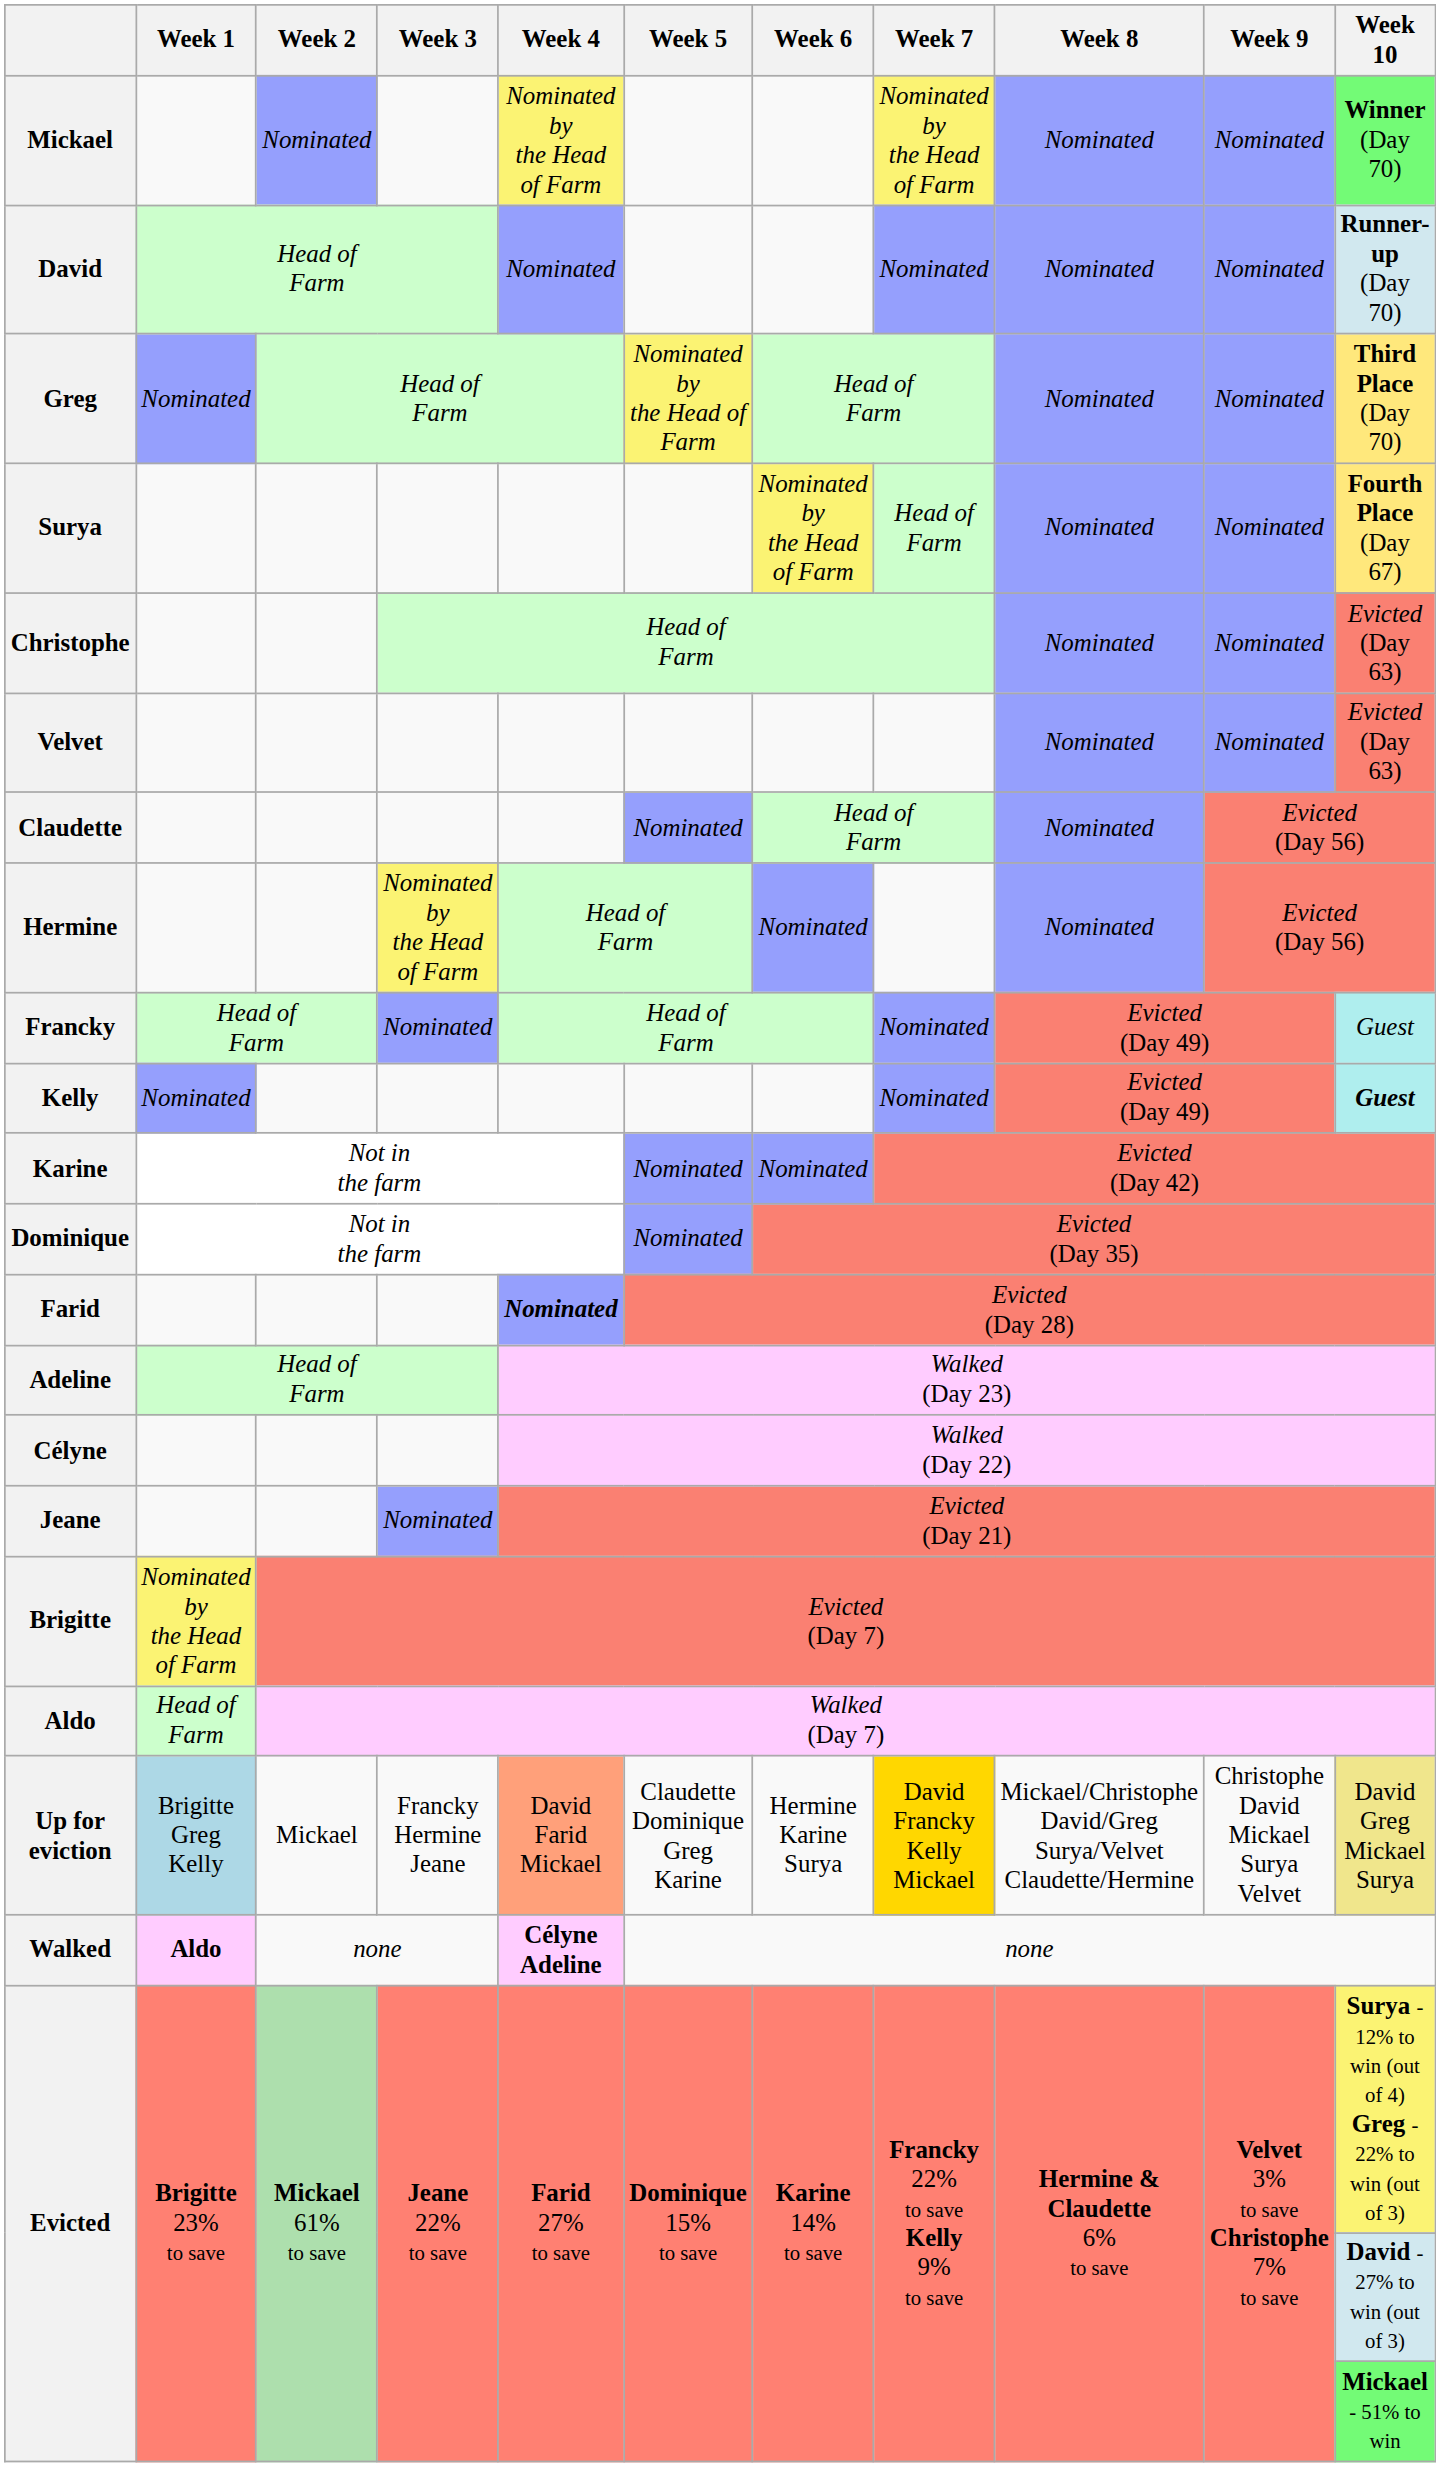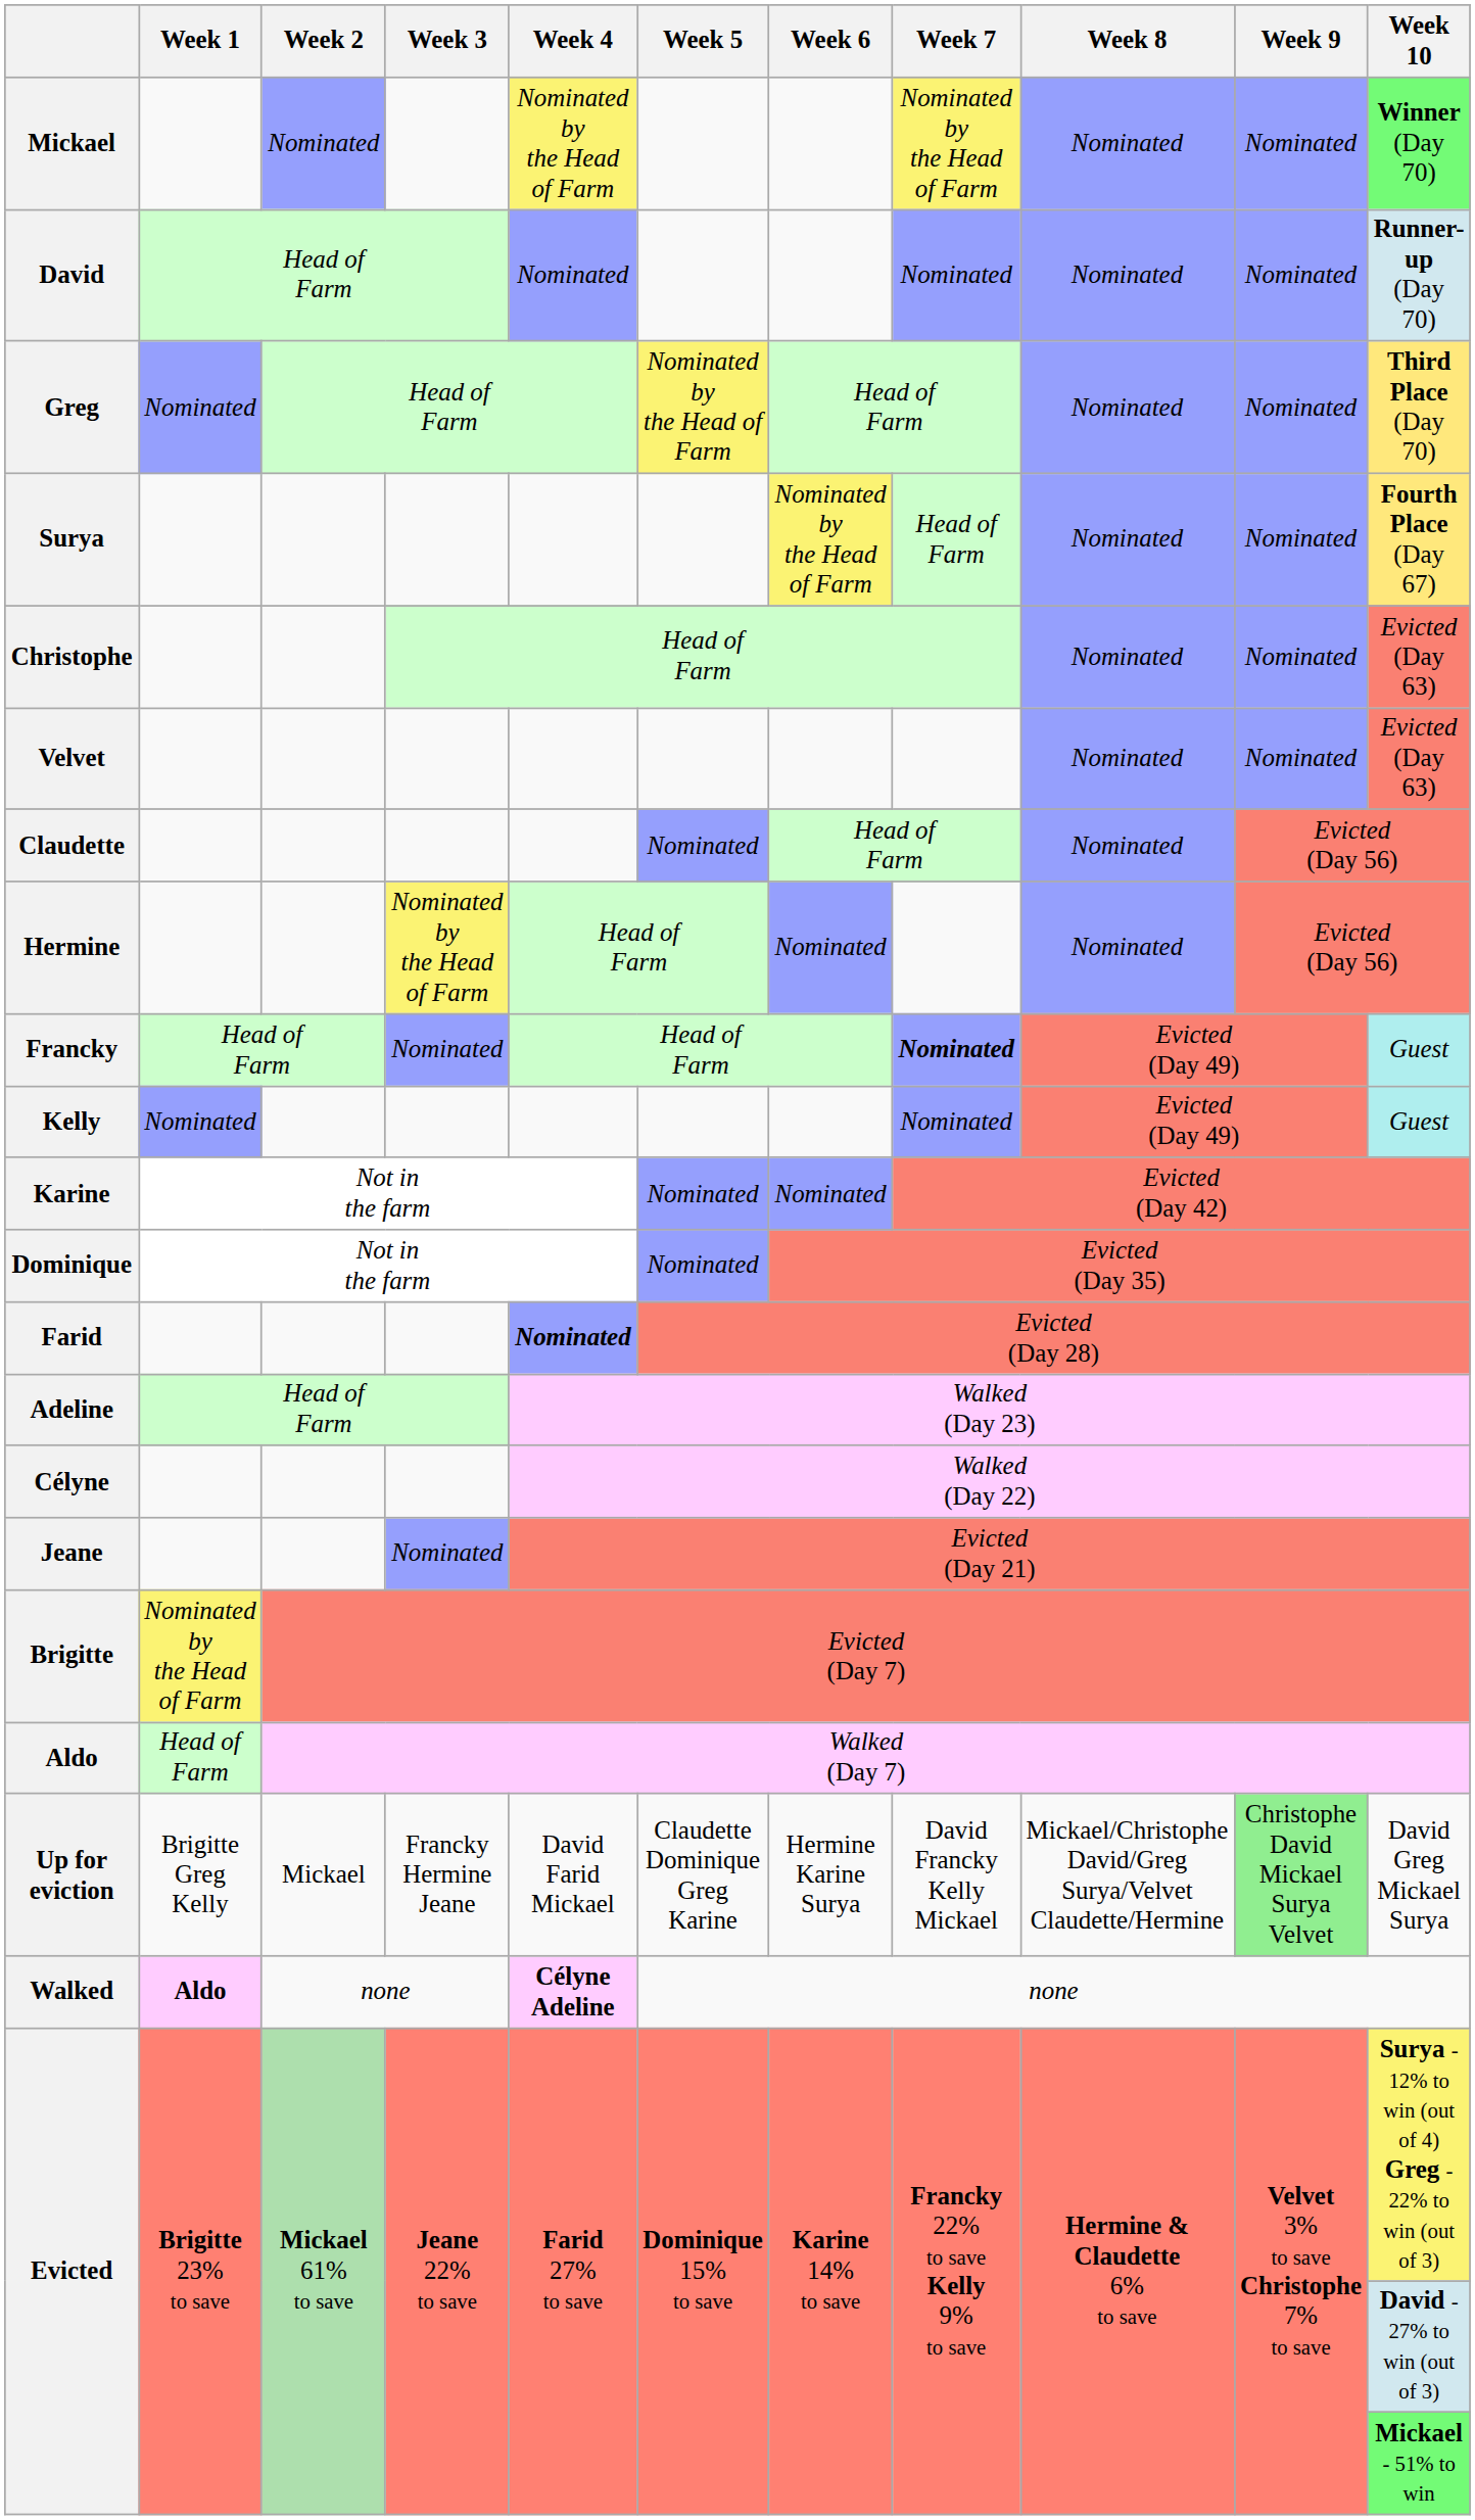 <table class="wikitable" style="font-size:90%; text-align:center; margin-left:auto; margin-right:auto; width:100%;">
 <tr>
 <th></th>
 <th>Week 1</th>
 <th>Week 2</th>
 <th>Week 3</th>
 <th>Week 4</th>
 <th>Week 5</th>
 <th>Week 6</th>
 <th>Week 7</th>
 <th>Week 8</th>
 <th>Week 9</th>
 <th>Week 10</th>
 </tr>
 <tr>
 <th>Mickael</th>
 <td></td>
 <td style="background:#959FFD;"><em>Nominated</em></td>
 <td></td>
 <td style="background:#FBF373;"><em>Nominated by<br>the Head of Farm</em></td>
 <td></td>
 <td></td>
 <td style="background:#FBF373;"><em>Nominated by<br>the Head of Farm</em></td>
 <td style="background:#959FFD;"><em>Nominated</em></td>
 <td style="background:#959FFD;"><em>Nominated</em></td>
 <td style="background:#73FB76"><strong>Winner</strong> <br> (Day 70)</td>
 </tr>
 <tr>
 <th>David</th>
 <td colspan="3" style="background:#CCFFCC;"><em>Head of<br>Farm</em></td>
 <td style="background:#959FFD;"><em>Nominated</em></td>
 <td></td>
 <td></td>
 <td style="background:#959FFD;"><em>Nominated</em></td>
 <td style="background:#959FFD;"><em>Nominated</em></td>
 <td style="background:#959FFD;"><em>Nominated</em></td>
 <td style="background:#D1E8EF"><strong>Runner-up</strong><br> (Day 70)</td>
 </tr>
 <tr>
 <th>Greg</th>
 <td style="background:#959FFD;"><em>Nominated</em></td>
 <td colspan="3" style="background:#CCFFCC;"><em>Head of<br>Farm</em></td>
 <td style="background:#FBF373;"><em>Nominated by<br>the Head of Farm</em></td>
 <td colspan="2" style="background:#CCFFCC;"><em>Head of<br>Farm</em></td>
 <td style="background:#959FFD;"><em>Nominated</em></td>
 <td style="background:#959FFD;"><em>Nominated</em></td>
 <td style="background:#FFE87C"><strong>Third Place</strong><br> (Day 70)</td>
 </tr>
 <tr>
 <th>Surya</th>
 <td></td>
 <td></td>
 <td></td>
 <td></td>
 <td></td>
 <td style="background:#FBF373;"><em>Nominated by<br>the Head of Farm</em></td>
 <td style="background:#CCFFCC;"><em>Head of<br>Farm</em></td>
 <td style="background:#959FFD;"><em>Nominated</em></td>
 <td style="background:#959FFD;"><em>Nominated</em></td>
 <td style="background:#FFE87C"><strong>Fourth Place</strong><br> (Day 67)</td>
 </tr>
 <tr>
 <th>Christophe</th>
 <td></td>
 <td></td>
 <td colspan="5" style="background:#CCFFCC;"><em>Head of<br>Farm</em></td>
 <td style="background:#959FFD;"><em>Nominated</em></td>
 <td style="background:#959FFD;"><em>Nominated</em></td>
 <td bgcolor="#FA8072" colspan=1><em>Evicted</em><br>(Day 63)</td>
 </tr>
 <tr>
 <th>Velvet</th>
 <td></td>
 <td></td>
 <td></td>
 <td></td>
 <td></td>
 <td></td>
 <td></td>
 <td style="background:#959FFD;"><em>Nominated</em></td>
 <td style="background:#959FFD;"><em>Nominated</em></td>
 <td bgcolor="#FA8072" colspan=1><em>Evicted</em><br>(Day 63)</td>
 </tr>
 <tr>
 <th>Claudette</th>
 <td></td>
 <td></td>
 <td></td>
 <td></td>
 <td style="background:#959FFD;"><em>Nominated</em></td>
 <td colspan="2" style="background:#CCFFCC;"><em>Head of<br>Farm</em></td>
 <td style="background:#959FFD;"><em>Nominated</em></td>
 <td bgcolor="#FA8072" colspan=2><em>Evicted</em><br>(Day 56)</td>
 </tr>
 <tr>
 <th>Hermine</th>
 <td></td>
 <td></td>
 <td style="background:#FBF373;"><em>Nominated by<br>the Head of Farm</em></td>
 <td colspan="2" style="background:#CCFFCC;"><em>Head of<br>Farm</em></td>
 <td style="background:#959FFD;"><em>Nominated</em></td>
 <td></td>
 <td style="background:#959FFD;"><em>Nominated</em></td>
 <td bgcolor="#FA8072" colspan=2><em>Evicted</em><br>(Day 56)</td>
 </tr>
 <tr>
 <th>Francky</th>
 <td colspan="2" style="background:#CCFFCC;"><em>Head of<br>Farm</em></td>
 <td style="background:#959FFD;"><em>Nominated</em></td>
 <td colspan="3" style="background:#CCFFCC;"><em>Head of<br>Farm</em></td>
-<td style="background:#959FFD;"><em>Nominated</em></td>
+<td style="background:#959FFD;"><strong><em>Nominated</em></strong></td>
 <td bgcolor="#FA8072" colspan=2><em>Evicted</em><br>(Day 49)</td>
 <td style="background:#AFEEEE; text-align:center"><em>Guest</em></td>
 </tr>
 <tr>
 <th>Kelly</th>
 <td style="background:#959FFD;"><em>Nominated</em></td>
 <td></td>
 <td></td>
 <td></td>
 <td></td>
 <td></td>
 <td style="background:#959FFD;"><em>Nominated</em></td>
 <td bgcolor="#FA8072" colspan=2><em>Evicted</em><br>(Day 49)</td>
-<td style="background:#AFEEEE; text-align:center"><strong><em>Guest</em></strong></td>
+<td style="background:#AFEEEE; text-align:center"><em>Guest</em></td>
 </tr>
 <tr>
 <th>Karine</th>
 <td style="background:#fff; text-align:center;" colspan="4"><em>Not in<br>the farm</em></td>
 <td style="background:#959FFD;"><em>Nominated</em></td>
 <td style="background:#959FFD;"><em>Nominated</em></td>
 <td bgcolor="#FA8072" colspan=4><em>Evicted</em><br>(Day 42)</td>
 </tr>
 <tr>
 <th>Dominique</th>
 <td style="background:#fff; text-align:center;" colspan="4"><em>Not in<br>the farm</em></td>
 <td style="background:#959FFD;"><em>Nominated</em></td>
 <td bgcolor="#FA8072" colspan=5><em>Evicted</em><br>(Day 35)</td>
 </tr>
 <tr>
 <th>Farid</th>
 <td></td>
 <td></td>
 <td></td>
 <td style="background:#959FFD;"><strong><em>Nominated</em></strong></td>
 <td bgcolor="#FA8072" colspan=6><em>Evicted</em><br>(Day 28)</td>
 </tr>
 <tr>
 <th>Adeline</th>
 <td colspan="3" style="background:#CCFFCC;"><em>Head of<br>Farm</em></td>
 <td bgcolor="#FFCCFF" colspan=11><em>Walked</em><br>(Day 23)</td>
 </tr>
 <tr>
 <th>Célyne</th>
 <td></td>
 <td></td>
 <td></td>
 <td bgcolor="#FFCCFF" colspan=11><em>Walked</em><br>(Day 22)</td>
 </tr>
 <tr>
 <th>Jeane</th>
 <td></td>
 <td></td>
 <td style="background:#959FFD;"><em>Nominated</em></td>
 <td bgcolor="#FA8072" colspan=7><em>Evicted</em><br>(Day 21)</td>
 </tr>
 <tr>
 <th>Brigitte</th>
 <td style="background:#FBF373;"><em>Nominated by<br>the Head of Farm</em></td>
 <td bgcolor="#FA8072" colspan=9><em>Evicted</em><br>(Day 7)</td>
 </tr>
 <tr>
 <th>Aldo</th>
 <td style="background:#CCFFCC;"><em>Head of<br>Farm</em></td>
 <td bgcolor="#FFCCFF" colspan=9><em>Walked</em><br>(Day 7)</td>
 </tr>
 <tr>
 <th>Up for<br>eviction</th>
-<td style="background: lightblue;">Brigitte<br>Greg<br>Kelly</td>
+<td>Brigitte<br>Greg<br>Kelly</td>
 <td>Mickael</td>
 <td>Francky<br>Hermine<br>Jeane</td>
-<td style="background: lightsalmon;">David<br>Farid<br>Mickael</td>
+<td>David<br>Farid<br>Mickael</td>
 <td>Claudette<br>Dominique<br>Greg<br>Karine</td>
 <td>Hermine<br>Karine<br>Surya</td>
-<td style="background: gold;">David<br>Francky<br>Kelly<br>Mickael</td>
+<td>David<br>Francky<br>Kelly<br>Mickael</td>
 <td>Mickael/Christophe<br>David/Greg<br>Surya/Velvet<br>Claudette/Hermine</td>
-<td>Christophe<br>David<br>Mickael<br>Surya<br>Velvet</td>
-<td style="background: khaki;">David<br>Greg<br>Mickael<br>Surya</td>
+<td style="background: lightgreen;">Christophe<br>David<br>Mickael<br>Surya<br>Velvet</td>
+<td>David<br>Greg<br>Mickael<br>Surya</td>
 </tr>
 <tr>
 <th>Walked</th>
 <td style="background:#fcf;"><strong>Aldo</strong></td>
 <td colspan="2"><em>none</em></td>
 <td style="background:#fcf;"><strong>Célyne</strong><br><strong>Adeline</strong></td>
 <td colspan="6"><em>none</em></td>
 </tr>
 <tr>
 <th rowspan="3">Evicted</th>
 <td rowspan="3" style="background:#FF8072"><strong> Brigitte </strong><br>23%<br><small>to save</small></td>
 <td rowspan="3" style="background:#addfad"><strong>Mickael</strong><br>61%<br><small>to save</small></td>
 <td rowspan="3" style="background:#FF8072"><strong> Jeane </strong><br>22%<br><small>to save</small></td>
 <td rowspan="3" style="background:#FF8072"><strong> Farid </strong><br>27%<br><small>to save</small></td>
 <td rowspan="3" style="background:#FF8072"><strong> Dominique </strong><br>15%<br><small>to save</small></td>
 <td rowspan="3" style="background:#FF8072"><strong> Karine </strong><br>14%<br><small>to save</small></td>
 <td rowspan="3" style="background:#FF8072"><strong> Francky </strong><br>22%<br><small>to save</small><br><strong> Kelly </strong><br>9%<br><small>to save</small></td>
 <td rowspan="3" style="background:#FF8072"><strong> Hermine & Claudette </strong><br>6%<br><small>to save</small></td>
 <td rowspan="3" style="background:#FF8072"><strong> Velvet</strong><br>3%<br><small>to save</small><strong> Christophe </strong><br>7%<br><small>to save</small></td>
 <td style="background:#fbf373;"><strong> Surya </strong><small>- 12% to win (out of 4)</small><br> <strong> Greg </strong> <small>- 22% to win (out of 3)</small></td>
 </tr>
 <tr>
 <td style="background:#d1e8ef;"><strong> David </strong> <small>- 27% to win (out of 3)</small></td>
 </tr>
 <tr>
 <td style="background:#73FB76"><strong> Mickael </strong> <small>- 51% to win</small></td>
 </tr>
 </table>
